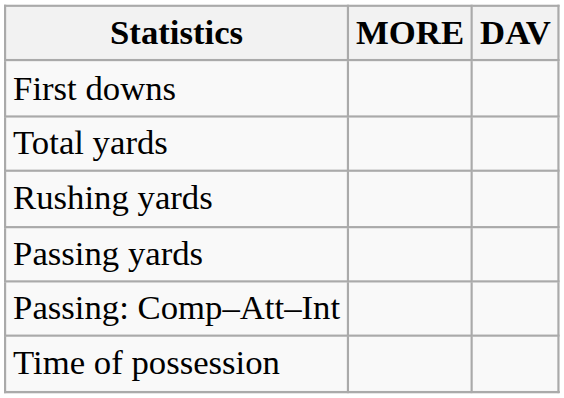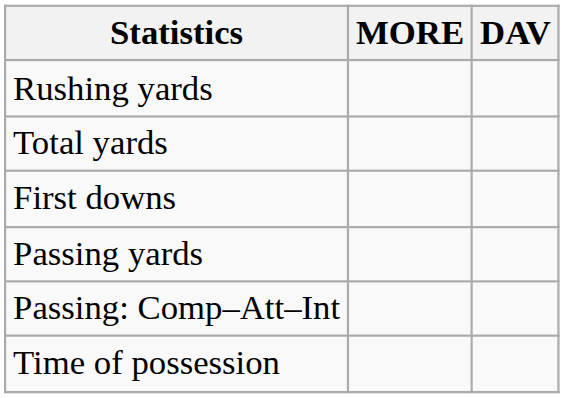 <table class="wikitable" style="float: left;">
 <tr>
 <th>Statistics</th>
 <th>MORE</th>
 <th>DAV</th>
 </tr>
 <tr>
-<td>First downs</td>
+<td>Rushing yards</td>
 <td></td>
 <td></td>
 </tr>
 <tr>
 <td>Total yards</td>
 <td></td>
 <td></td>
 </tr>
 <tr>
-<td>Rushing yards</td>
+<td>First downs</td>
 <td></td>
 <td></td>
 </tr>
 <tr>
 <td>Passing yards</td>
 <td></td>
 <td></td>
 </tr>
 <tr>
 <td>Passing: Comp–Att–Int</td>
 <td></td>
 <td></td>
 </tr>
 <tr>
 <td>Time of possession</td>
 <td></td>
 <td></td>
 </tr>
 <tr>
 </tr>
 </table>
